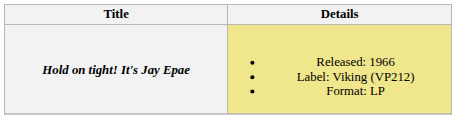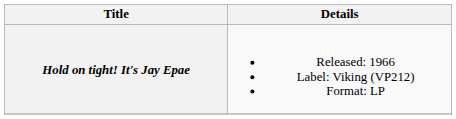 <table class="wikitable plainrowheaders" style="text-align:center;" border="1">
 <tr>
 <th scope="col" style="width:17em;">Title</th>
 <th scope="col" style="width:17em;">Details</th>
 </tr>
 <tr>
 <th scope="row"><em>Hold on tight! It's Jay Epae</em></th>
-<td style="background: khaki;"><br><ul><li>Released: 1966</li><li>Label: Viking	(VP212)</li><li>Format: LP</li></ul></td>
+<td><br><ul><li>Released: 1966</li><li>Label: Viking	(VP212)</li><li>Format: LP</li></ul></td>
 </tr>
 <tr>
 </tr>
 </table>
